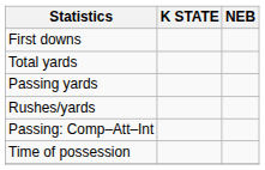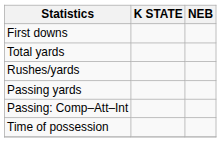 <table class="wikitable" style="float: left;">
 <tr>
 <th>Statistics</th>
 <th>K STATE</th>
 <th>NEB</th>
 </tr>
 <tr>
 <td>First downs</td>
 <td></td>
 <td></td>
 </tr>
 <tr>
 <td>Total yards</td>
 <td></td>
 <td></td>
 </tr>
 <tr>
-<td>Passing yards</td>
+<td>Rushes/yards</td>
 <td></td>
 <td></td>
 </tr>
 <tr>
-<td>Rushes/yards</td>
+<td>Passing yards</td>
 <td></td>
 <td></td>
 </tr>
 <tr>
 <td>Passing: Comp–Att–Int</td>
 <td></td>
 <td></td>
 </tr>
 <tr>
 <td>Time of possession</td>
 <td></td>
 <td></td>
 </tr>
 <tr>
 </tr>
 </table>
